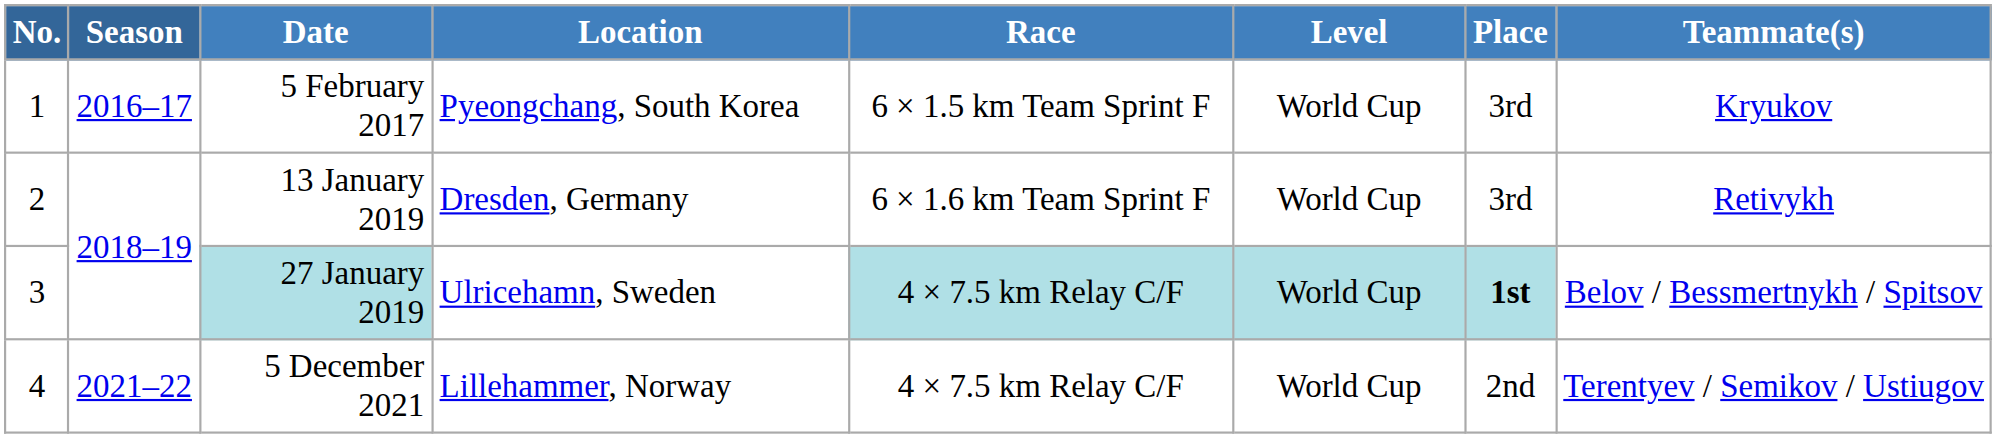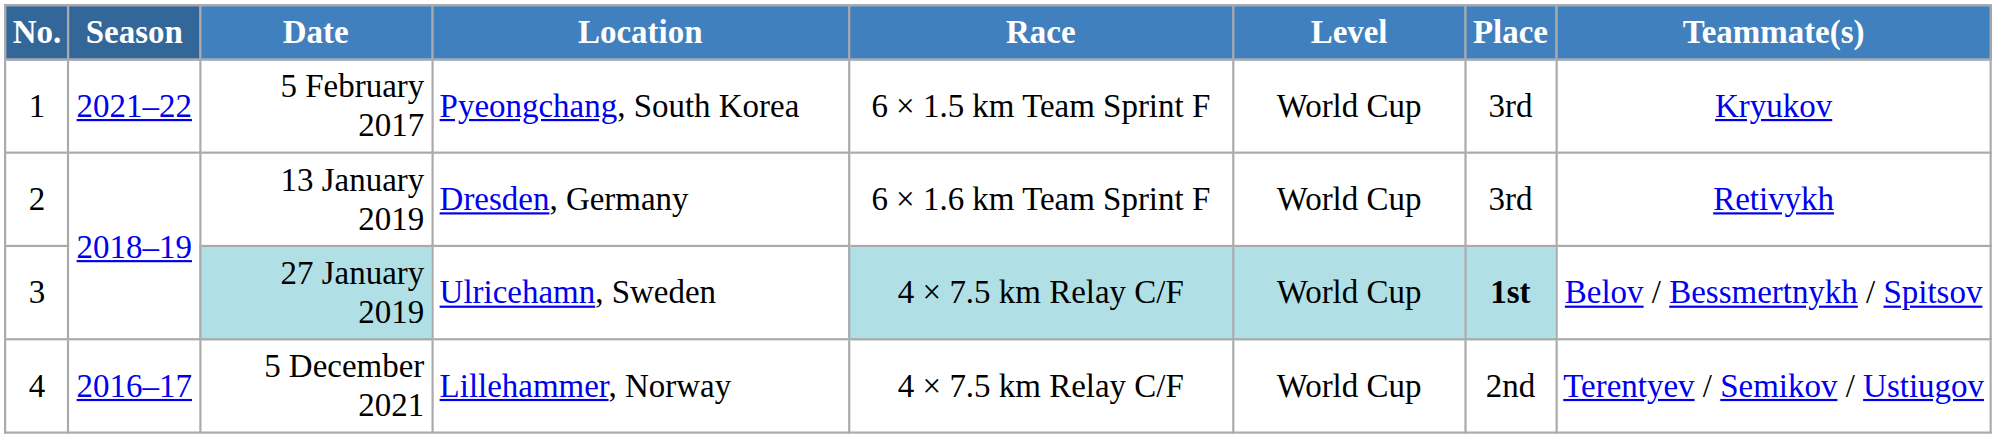 <table class="wikitable sortable" style="font-size:95%; text-align:center; border:grey solid 1px; border-collapse:collapse; background:#ffffff;">
 <tr style="background:#efefef;">
 <th style="background-color:#369; color:white;">No.</th>
 <th style="background-color:#369; color:white;">Season</th>
 <th style="background-color:#4180be; color:white; width:100px;">Date</th>
 <th style="background-color:#4180be; color:white; width:185px;">Location</th>
 <th style="background-color:#4180be; color:white; width:170px;">Race</th>
 <th style="background-color:#4180be; color:white; width:100px;">Level</th>
 <th style="background-color:#4180be; color:white;">Place</th>
 <th style="background-color:#4180be; color:white;">Teammate(s)</th>
 </tr>
 <tr>
 <td align=center>1</td>
-<td align=center><a href='#'>2016–17</a></td>
+<td align=center><a href='#'>2021–22</a></td>
 <td align=right>5 February 2017</td>
 <td align=left> <a href='#'>Pyeongchang</a>, South Korea</td>
 <td>6 × 1.5 km Team Sprint F</td>
 <td>World Cup</td>
 <td>3rd</td>
 <td><a href='#'>Kryukov</a></td>
 </tr>
 <tr>
 <td align=center>2</td>
 <td rowspan=2 align=center><a href='#'>2018–19</a></td>
 <td align=right>13 January 2019</td>
 <td align=left> <a href='#'>Dresden</a>, Germany</td>
 <td>6 × 1.6 km Team Sprint F</td>
 <td>World Cup</td>
 <td>3rd</td>
 <td><a href='#'>Retivykh</a></td>
 </tr>
 <tr>
 <td align=center>3</td>
 <td bgcolor="#BOEOE6" align=right>27 January 2019</td>
 <td align=left> <a href='#'>Ulricehamn</a>, Sweden</td>
 <td bgcolor="#BOEOE6">4 × 7.5 km Relay C/F</td>
 <td bgcolor="#BOEOE6">World Cup</td>
 <td bgcolor="#BOEOE6"><strong>1st</strong></td>
 <td><a href='#'>Belov</a> / <a href='#'>Bessmertnykh</a> / <a href='#'>Spitsov</a></td>
 </tr>
 <tr>
 <td align=center>4</td>
-<td align=center><a href='#'>2021–22</a></td>
+<td align=center><a href='#'>2016–17</a></td>
 <td align=right>5 December 2021</td>
 <td align=left> <a href='#'>Lillehammer</a>, Norway</td>
 <td>4 × 7.5 km Relay C/F</td>
 <td>World Cup</td>
 <td>2nd</td>
 <td><a href='#'>Terentyev</a> / <a href='#'>Semikov</a> / <a href='#'>Ustiugov</a></td>
 </tr>
 </table>
